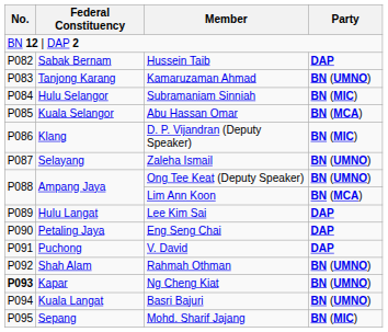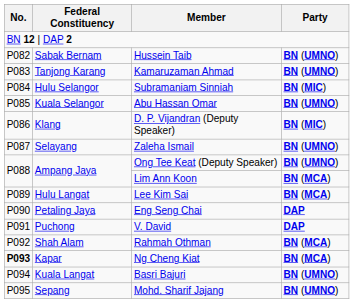 <table class="wikitable sortable">
 <tr>
 <th style="width:30px;">No.</th>
 <th style="width:150px;">Federal Constituency</th>
 <th style="width:230px;">Member</th>
 <th style="width:100px;">Party</th>
 </tr>
 <tr>
 <td colspan="4"><a href='#'>BN</a> <strong>12</strong> | <a href='#'>DAP</a> <strong>2</strong></td>
 </tr>
 <tr>
 <td>P082</td>
 <td><a href='#'>Sabak Bernam</a></td>
 <td><a href='#'>Hussein Taib</a></td>
-<td><strong><a href='#'>DAP</a></strong></td>
+<td><strong><a href='#'>BN</a></strong> (<strong><a href='#'>UMNO</a></strong>)</td>
 </tr>
 <tr>
 <td>P083</td>
 <td><a href='#'>Tanjong Karang</a></td>
 <td><a href='#'>Kamaruzaman Ahmad</a></td>
 <td><strong><a href='#'>BN</a></strong> (<strong><a href='#'>UMNO</a></strong>)</td>
 </tr>
 <tr>
 <td>P084</td>
 <td><a href='#'>Hulu Selangor</a></td>
 <td><a href='#'>Subramaniam Sinniah</a></td>
 <td><strong><a href='#'>BN</a></strong> (<strong><a href='#'>MIC</a></strong>)</td>
 </tr>
 <tr>
 <td>P085</td>
 <td><a href='#'>Kuala Selangor</a></td>
 <td><a href='#'>Abu Hassan Omar</a></td>
-<td><strong><a href='#'>BN</a></strong> (<strong><a href='#'>MCA</a></strong>)</td>
+<td><strong><a href='#'>BN</a></strong> (<strong><a href='#'>UMNO</a></strong>)</td>
 </tr>
 <tr>
 <td>P086</td>
 <td><a href='#'>Klang</a></td>
 <td><a href='#'>D. P. Vijandran</a> (Deputy Speaker)</td>
 <td><strong><a href='#'>BN</a></strong> (<strong><a href='#'>MIC</a></strong>)</td>
 </tr>
 <tr>
 <td>P087</td>
 <td><a href='#'>Selayang</a></td>
 <td><a href='#'>Zaleha Ismail</a></td>
 <td><strong><a href='#'>BN</a></strong> (<strong><a href='#'>UMNO</a></strong>)</td>
 </tr>
 <tr>
 <td rowspan=2>P088</td>
 <td rowspan=2><a href='#'>Ampang Jaya</a></td>
 <td><a href='#'>Ong Tee Keat</a>  (Deputy Speaker)</td>
 <td><strong><a href='#'>BN</a></strong> (<strong><a href='#'>UMNO</a></strong>)</td>
 </tr>
 <tr>
 <td><a href='#'>Lim Ann Koon</a> </td>
 <td><strong><a href='#'>BN</a></strong> (<strong><a href='#'>MCA</a></strong>)</td>
 </tr>
 <tr>
 <td>P089</td>
 <td><a href='#'>Hulu Langat</a></td>
 <td><a href='#'>Lee Kim Sai</a></td>
-<td><strong><a href='#'>DAP</a></strong></td>
+<td><strong><a href='#'>BN</a></strong> (<strong><a href='#'>MCA</a></strong>)</td>
 </tr>
 <tr>
 <td>P090</td>
 <td><a href='#'>Petaling Jaya</a></td>
 <td><a href='#'>Eng Seng Chai</a></td>
 <td><strong><a href='#'>DAP</a></strong></td>
 </tr>
 <tr>
 <td>P091</td>
 <td><a href='#'>Puchong</a></td>
 <td><a href='#'>V. David</a></td>
 <td><strong><a href='#'>DAP</a></strong></td>
 </tr>
 <tr>
 <td>P092</td>
 <td><a href='#'>Shah Alam</a></td>
 <td><a href='#'>Rahmah Othman</a></td>
-<td><strong><a href='#'>BN</a></strong> (<strong><a href='#'>UMNO</a></strong>)</td>
+<td><strong><a href='#'>BN</a></strong> (<strong><a href='#'>MCA</a></strong>)</td>
 </tr>
 <tr>
 <td><strong>P093</strong></td>
 <td><a href='#'>Kapar</a></td>
 <td><a href='#'>Ng Cheng Kiat</a></td>
-<td><strong><a href='#'>BN</a></strong> (<strong><a href='#'>UMNO</a></strong>)</td>
+<td><strong><a href='#'>BN</a></strong> (<strong><a href='#'>MCA</a></strong>)</td>
 </tr>
 <tr>
 <td>P094</td>
 <td><a href='#'>Kuala Langat</a></td>
 <td><a href='#'>Basri Bajuri</a></td>
 <td><strong><a href='#'>BN</a></strong> (<strong><a href='#'>UMNO</a></strong>)</td>
 </tr>
 <tr>
 <td>P095</td>
 <td><a href='#'>Sepang</a></td>
 <td><a href='#'>Mohd. Sharif Jajang</a></td>
-<td><strong><a href='#'>BN</a></strong> (<strong><a href='#'>MIC</a></strong>)</td>
+<td><strong><a href='#'>BN</a></strong> (<strong><a href='#'>UMNO</a></strong>)</td>
 </tr>
 </table>
